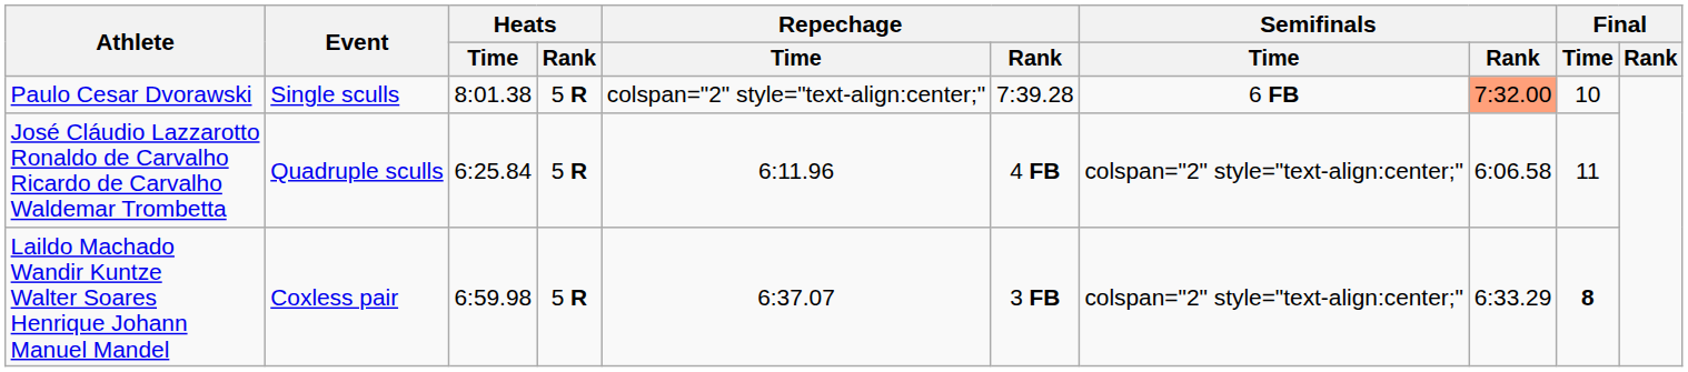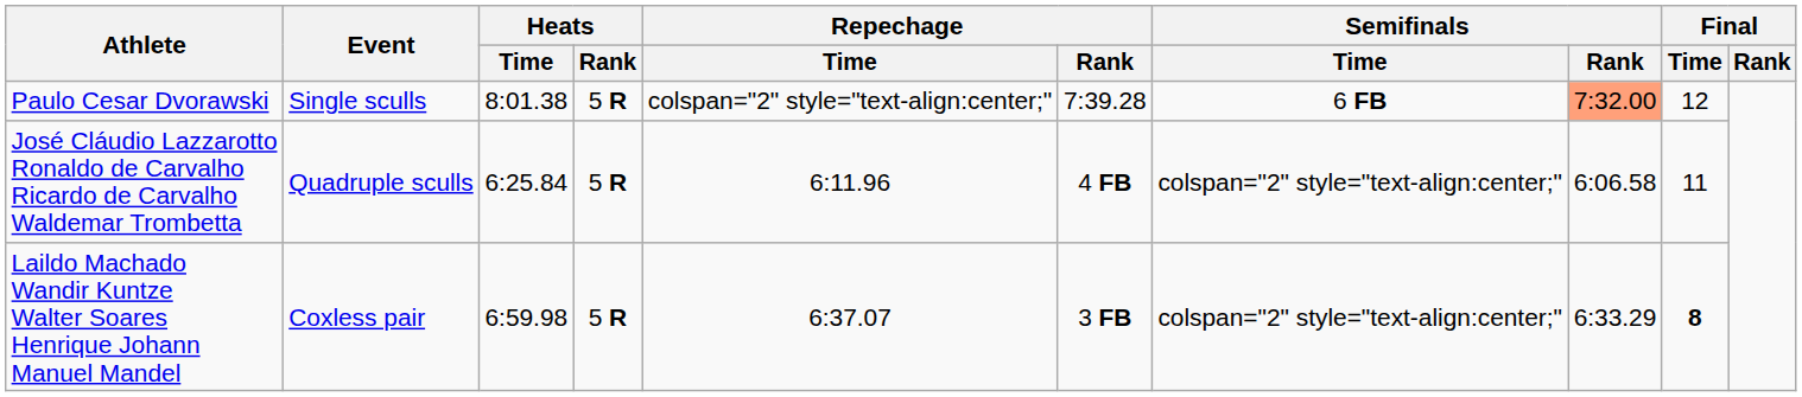 <table class="wikitable" style="font-size:90%">
 <tr>
 <th rowspan="2">Athlete</th>
 <th rowspan="2">Event</th>
 <th colspan="2">Heats</th>
 <th colspan="2">Repechage</th>
 <th colspan="2">Semifinals</th>
 <th colspan="2">Final</th>
 </tr>
 <tr style="font-size:95%">
 <th>Time</th>
 <th>Rank</th>
 <th>Time</th>
 <th>Rank</th>
 <th>Time</th>
 <th>Rank</th>
 <th>Time</th>
 <th>Rank</th>
 </tr>
 <tr align=center>
 <td align=left><a href='#'>Paulo Cesar Dvorawski</a></td>
 <td align=left><a href='#'>Single sculls</a></td>
 <td>8:01.38</td>
 <td>5 <strong>R</strong></td>
 <td>colspan="2" style="text-align:center;" </td>
 <td>7:39.28</td>
 <td>6 <strong>FB</strong></td>
 <td style="background: lightsalmon;">7:32.00</td>
-<td>10</td>
+<td>12</td>
 </tr>
 <tr align=center>
 <td align=left><a href='#'>José Cláudio Lazzarotto</a><br><a href='#'>Ronaldo de Carvalho</a><br><a href='#'>Ricardo de Carvalho</a><br><a href='#'>Waldemar Trombetta</a></td>
 <td align=left><a href='#'>Quadruple sculls</a></td>
 <td>6:25.84</td>
 <td>5 <strong>R</strong></td>
 <td>6:11.96</td>
 <td>4 <strong>FB</strong></td>
 <td>colspan="2" style="text-align:center;" </td>
 <td>6:06.58</td>
 <td>11</td>
 </tr>
 <tr align=center>
 <td align=left><a href='#'>Laildo Machado</a><br><a href='#'>Wandir Kuntze</a><br><a href='#'>Walter Soares</a><br><a href='#'>Henrique Johann</a><br><a href='#'>Manuel Mandel</a></td>
 <td align=left><a href='#'>Coxless pair</a></td>
 <td>6:59.98</td>
 <td>5 <strong>R</strong></td>
 <td>6:37.07</td>
 <td>3 <strong>FB</strong></td>
 <td>colspan="2" style="text-align:center;" </td>
 <td>6:33.29</td>
 <td><strong>8</strong></td>
 </tr>
 </table>
